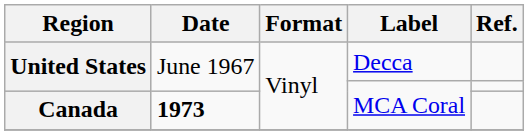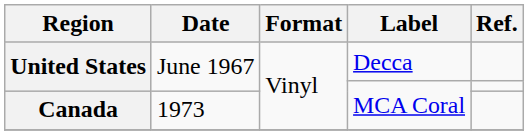 <table class="wikitable plainrowheaders">
 <tr>
 <th scope="col">Region</th>
 <th scope="col">Date</th>
 <th scope="col">Format</th>
 <th scope="col">Label</th>
 <th scope="col">Ref.</th>
 </tr>
 <tr>
 <th scope="row" rowspan="2">United States</th>
 <td rowspan="2">June 1967</td>
 <td rowspan="3">Vinyl</td>
 <td><a href='#'>Decca</a></td>
 <td></td>
 </tr>
 <tr>
 <td rowspan="2"><a href='#'>MCA Coral</a></td>
 <td></td>
 </tr>
 <tr>
 <th scope="row">Canada</th>
-<td><strong>1973</strong></td>
+<td>1973</td>
 <td></td>
 </tr>
 <tr>
 </tr>
 </table>
